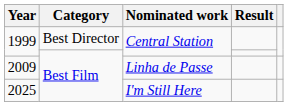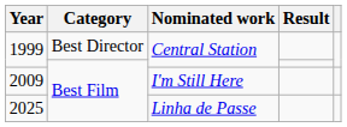 <table class="wikitable sortable">
 <tr>
 <th>Year</th>
 <th>Category</th>
 <th>Nominated work</th>
 <th>Result</th>
 <th class="unsortable"></th>
 </tr>
 <tr>
 <td rowspan="2">1999</td>
 <td>Best Director</td>
 <td rowspan="2"><em><a href='#'>Central Station</a></em></td>
 <td></td>
 <td rowspan="2"></td>
 </tr>
 <tr>
 <td rowspan="3"><a href='#'>Best Film</a></td>
 <td></td>
 </tr>
 <tr>
 <td>2009</td>
-<td><em><a href='#'>Linha de Passe</a></em></td>
+<td><em><a href='#'>I'm Still Here</a></em></td>
 <td></td>
 <td></td>
 </tr>
 <tr>
 <td>2025</td>
-<td><em><a href='#'>I'm Still Here</a></em></td>
+<td><em><a href='#'>Linha de Passe</a></em></td>
 <td></td>
 <td></td>
 </tr>
 </table>
